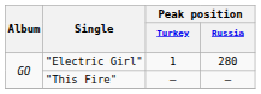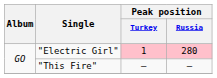 <table class="wikitable">
 <tr>
 <th rowspan="2">Album</th>
 <th rowspan="2">Single</th>
 <th colspan="2">Peak position</th>
 </tr>
 <tr>
 <th width="60"><small><a href='#'>Turkey</a><br><br></small></th>
 <th width="60"><small><a href='#'>Russia</a><br></small><br></th>
 </tr>
 <tr>
 <td align="center" rowspan="2"><em>GO</em></td>
 <td align="left">"Electric Girl"</td>
-<td align="center">1</td>
-<td align="center">280</td>
+<td align="center" style="background: pink;">1</td>
+<td align="center" style="background: pink;">280</td>
 </tr>
 <tr>
 <td align="left">"This Fire"</td>
 <td align="center">—</td>
 <td align="center">—</td>
 </tr>
 <tr>
 </tr>
 </table>
